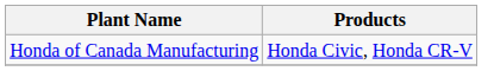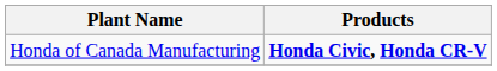 <table class="wikitable">
 <tr>
 <th>Plant Name</th>
 <th>Products</th>
 </tr>
 <tr --->
 <td><a href='#'>Honda of Canada Manufacturing</a></td>
-<td><a href='#'>Honda Civic</a>, <a href='#'>Honda CR-V</a></td>
+<td><strong><a href='#'>Honda Civic</a>, <a href='#'>Honda CR-V</a></strong></td>
 </tr>
 <tr --->
 </tr>
 <tr --->
 </tr>
 </table>
